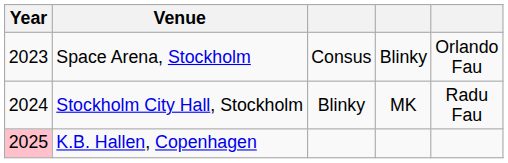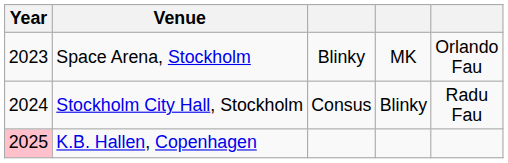 <table class="wikitable" style="text-align:center;">
 <tr>
 <th>Year</th>
 <th>Venue</th>
 <th></th>
 <th></th>
 <th></th>
 </tr>
 <tr>
 <td>2023</td>
 <td style="text-align:left;"> Space Arena, <a href='#'>Stockholm</a></td>
-<td> Consus</td>
 <td> Blinky</td>
+<td> MK</td>
 <td> Orlando<br> Fau</td>
 </tr>
 <tr>
 <td>2024</td>
 <td style="text-align:left;"> <a href='#'>Stockholm City Hall</a>, Stockholm</td>
+<td> Consus</td>
 <td> Blinky</td>
-<td> MK</td>
 <td> Radu<br> Fau</td>
 </tr>
 <tr>
 <td style="background: pink;">2025</td>
 <td style="text-align:left;"> <a href='#'>K.B. Hallen</a>, <a href='#'>Copenhagen</a></td>
 <td></td>
 <td></td>
 </tr>
 </table>
